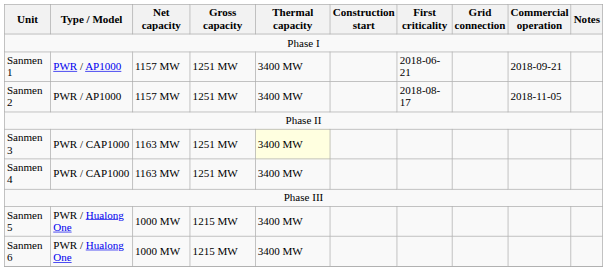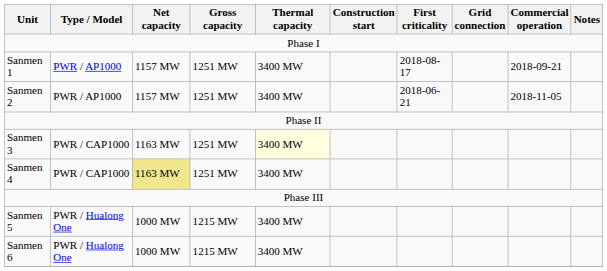 <table class="wikitable">
 <tr>
 <th>Unit</th>
 <th>Type / Model</th>
 <th>Net capacity</th>
 <th>Gross capacity</th>
 <th>Thermal capacity</th>
 <th>Construction<br> start</th>
 <th>First<br> criticality</th>
 <th>Grid<br> connection</th>
 <th>Commercial<br> operation</th>
 <th>Notes</th>
 </tr>
 <tr>
 <td colspan="10" align="center">Phase I</td>
 </tr>
 <tr>
 <td>Sanmen 1</td>
 <td><a href='#'>PWR</a> / <a href='#'>AP1000</a></td>
 <td>1157 MW</td>
 <td>1251 MW</td>
 <td>3400 MW</td>
 <td></td>
-<td>2018-06-21</td>
+<td>2018-08-17</td>
 <td></td>
 <td>2018-09-21</td>
 <td></td>
 </tr>
 <tr>
 <td>Sanmen 2</td>
 <td>PWR / AP1000</td>
 <td>1157 MW</td>
 <td>1251 MW</td>
 <td>3400 MW</td>
 <td></td>
-<td>2018-08-17</td>
+<td>2018-06-21</td>
 <td></td>
 <td>2018-11-05</td>
 <td></td>
 </tr>
 <tr>
 <td colspan="10" align="center">Phase II</td>
 </tr>
 <tr>
 <td>Sanmen 3</td>
 <td>PWR / CAP1000</td>
 <td>1163 MW</td>
 <td>1251 MW</td>
 <td style="background: lightyellow;">3400 MW</td>
 <td></td>
 <td></td>
 <td></td>
 <td></td>
 <td></td>
 </tr>
 <tr>
 <td>Sanmen 4</td>
 <td>PWR / CAP1000</td>
-<td>1163 MW</td>
+<td style="background: khaki;">1163 MW</td>
 <td>1251 MW</td>
 <td>3400 MW</td>
 <td></td>
 <td></td>
 <td></td>
 <td></td>
 <td></td>
 </tr>
 <tr>
 <td colspan="10" align="center">Phase III</td>
 </tr>
 <tr>
 <td>Sanmen 5</td>
 <td>PWR / <a href='#'>Hualong One</a></td>
 <td>1000 MW</td>
 <td>1215 MW</td>
 <td>3400 MW</td>
 <td></td>
 <td></td>
 <td></td>
 <td></td>
 <td></td>
 </tr>
 <tr>
 <td>Sanmen 6</td>
 <td>PWR / <a href='#'>Hualong One</a></td>
 <td>1000 MW</td>
 <td>1215 MW</td>
 <td>3400 MW</td>
 <td></td>
 <td></td>
 <td></td>
 <td></td>
 <td></td>
 </tr>
 <tr>
 </tr>
 </table>
